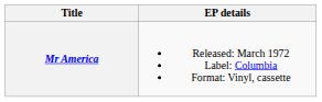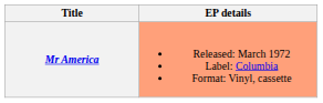 <table class="wikitable plainrowheaders" style="text-align:center;" border="1">
 <tr>
 <th scope="col" style="width:12em;">Title</th>
 <th scope="col" style="width:16em;">EP details</th>
 </tr>
 <tr>
 <th scope="row"><em><a href='#'>Mr America</a></em></th>
-<td><br><ul><li>Released: March 1972</li><li>Label: <a href='#'>Columbia</a></li><li>Format: Vinyl, cassette</li></ul></td>
+<td style="background: lightsalmon;"><br><ul><li>Released: March 1972</li><li>Label: <a href='#'>Columbia</a></li><li>Format: Vinyl, cassette</li></ul></td>
 </tr>
 </table>
